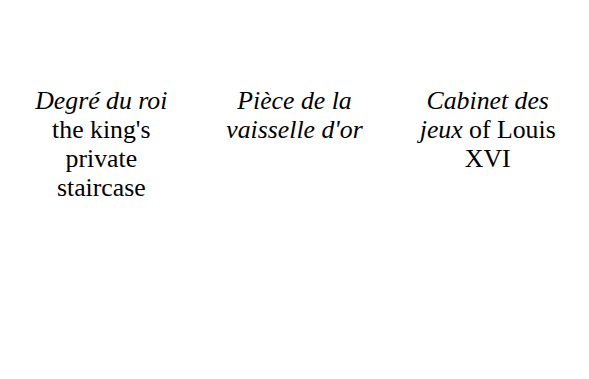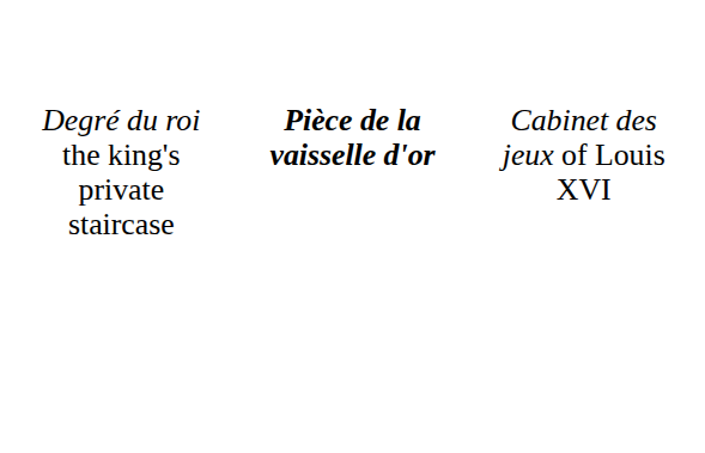 <table style="background:white; color:black" border="0" height="230" align="center" valign="bottom" cellpadding=10px cellspacing=0px>
 <tr align="center">
 <td></td>
 <td></td>
 <td></td>
 </tr>
 <tr align="center" valign="top">
 <td width="100"><em>Degré du roi</em> the king's private staircase</td>
-<td width="100"><em>Pièce de la vaisselle d'or</em></td>
+<td width="100"><strong><em>Pièce de la vaisselle d'or</em></strong></td>
 <td width="100"><em>Cabinet des jeux</em> of Louis XVI</td>
 </tr>
 </table>
